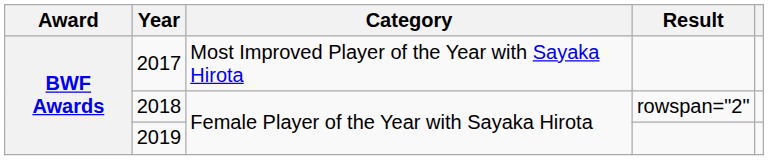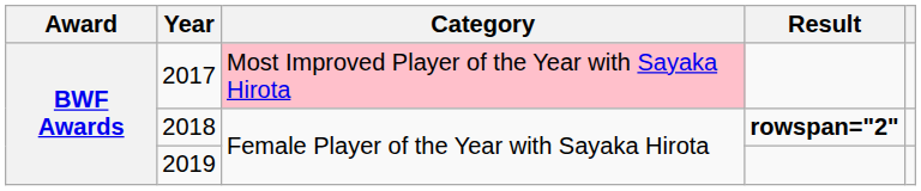 <table class="wikitable plainrowheaders sortable">
 <tr>
 <th scope="col">Award</th>
 <th scope="col">Year</th>
 <th scope="col">Category</th>
 <th scope="col">Result</th>
 <th scope="col" class="unsortable"></th>
 </tr>
 <tr>
 <th scope="row" rowspan="3"><a href='#'>BWF Awards</a></th>
 <td align="center">2017</td>
-<td>Most Improved Player of the Year with <a href='#'>Sayaka Hirota</a></td>
+<td style="background: pink;">Most Improved Player of the Year with <a href='#'>Sayaka Hirota</a></td>
 <td></td>
 <td align="center"></td>
 </tr>
 <tr>
 <td align="center">2018</td>
 <td rowspan="2">Female Player of the Year with Sayaka Hirota</td>
-<td>rowspan="2" </td>
+<td><strong>rowspan="2" </strong></td>
 <td align="center"></td>
 </tr>
 <tr>
 <td align="center">2019</td>
 <td align="center"></td>
 </tr>
 </table>
